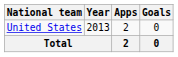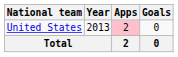 <table class="wikitable" style="text-align:center">
 <tr>
 <th>National team</th>
 <th>Year</th>
 <th>Apps</th>
 <th>Goals</th>
 </tr>
 <tr>
 <td><a href='#'>United States</a></td>
 <td>2013</td>
-<td>2</td>
+<td style="background: pink;">2</td>
 <td>0</td>
 </tr>
 <tr>
 <th colspan="2">Total</th>
 <th>2</th>
 <th>0</th>
 </tr>
 </table>
